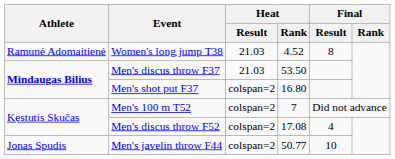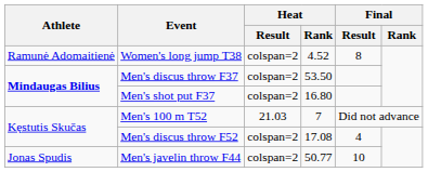 <table class=wikitable style="font-size:90%;">
 <tr>
 <th rowspan="2">Athlete</th>
 <th rowspan="2">Event</th>
 <th colspan="2">Heat</th>
 <th colspan="2">Final</th>
 </tr>
 <tr>
 <th>Result</th>
 <th>Rank</th>
 <th>Result</th>
 <th>Rank</th>
 </tr>
 <tr>
 <td><a href='#'>Ramunė Adomaitienė</a></td>
 <td><a href='#'>Women's long jump T38</a></td>
-<td align=center>21.03</td>
+<td>colspan=2 </td>
 <td align=center>4.52</td>
 <td align=center>8</td>
 </tr>
 <tr>
 <td rowspan=2><strong><a href='#'>Mindaugas Bilius</a></strong></td>
 <td><a href='#'>Men's discus throw F37</a></td>
-<td align=center>21.03</td>
+<td>colspan=2 </td>
 <td align=center>53.50</td>
 <td align=center></td>
 </tr>
 <tr>
 <td><a href='#'>Men's shot put F37</a></td>
 <td>colspan=2 </td>
 <td align=center>16.80</td>
 <td align=center></td>
 </tr>
 <tr>
 <td rowspan=2><a href='#'>Kęstutis Skučas</a></td>
 <td><a href='#'>Men's 100 m T52</a></td>
-<td>colspan=2 </td>
+<td align=center>21.03</td>
 <td align=center>7</td>
 <td colspan=2>Did not advance</td>
 </tr>
 <tr>
 <td><a href='#'>Men's discus throw F52</a></td>
 <td>colspan=2 </td>
 <td align=center>17.08</td>
 <td align=center>4</td>
 </tr>
 <tr>
 <td><a href='#'>Jonas Spudis</a></td>
 <td><a href='#'>Men's javelin throw F44</a></td>
 <td>colspan=2 </td>
 <td align=center>50.77</td>
 <td align=center>10</td>
 </tr>
 </table>
